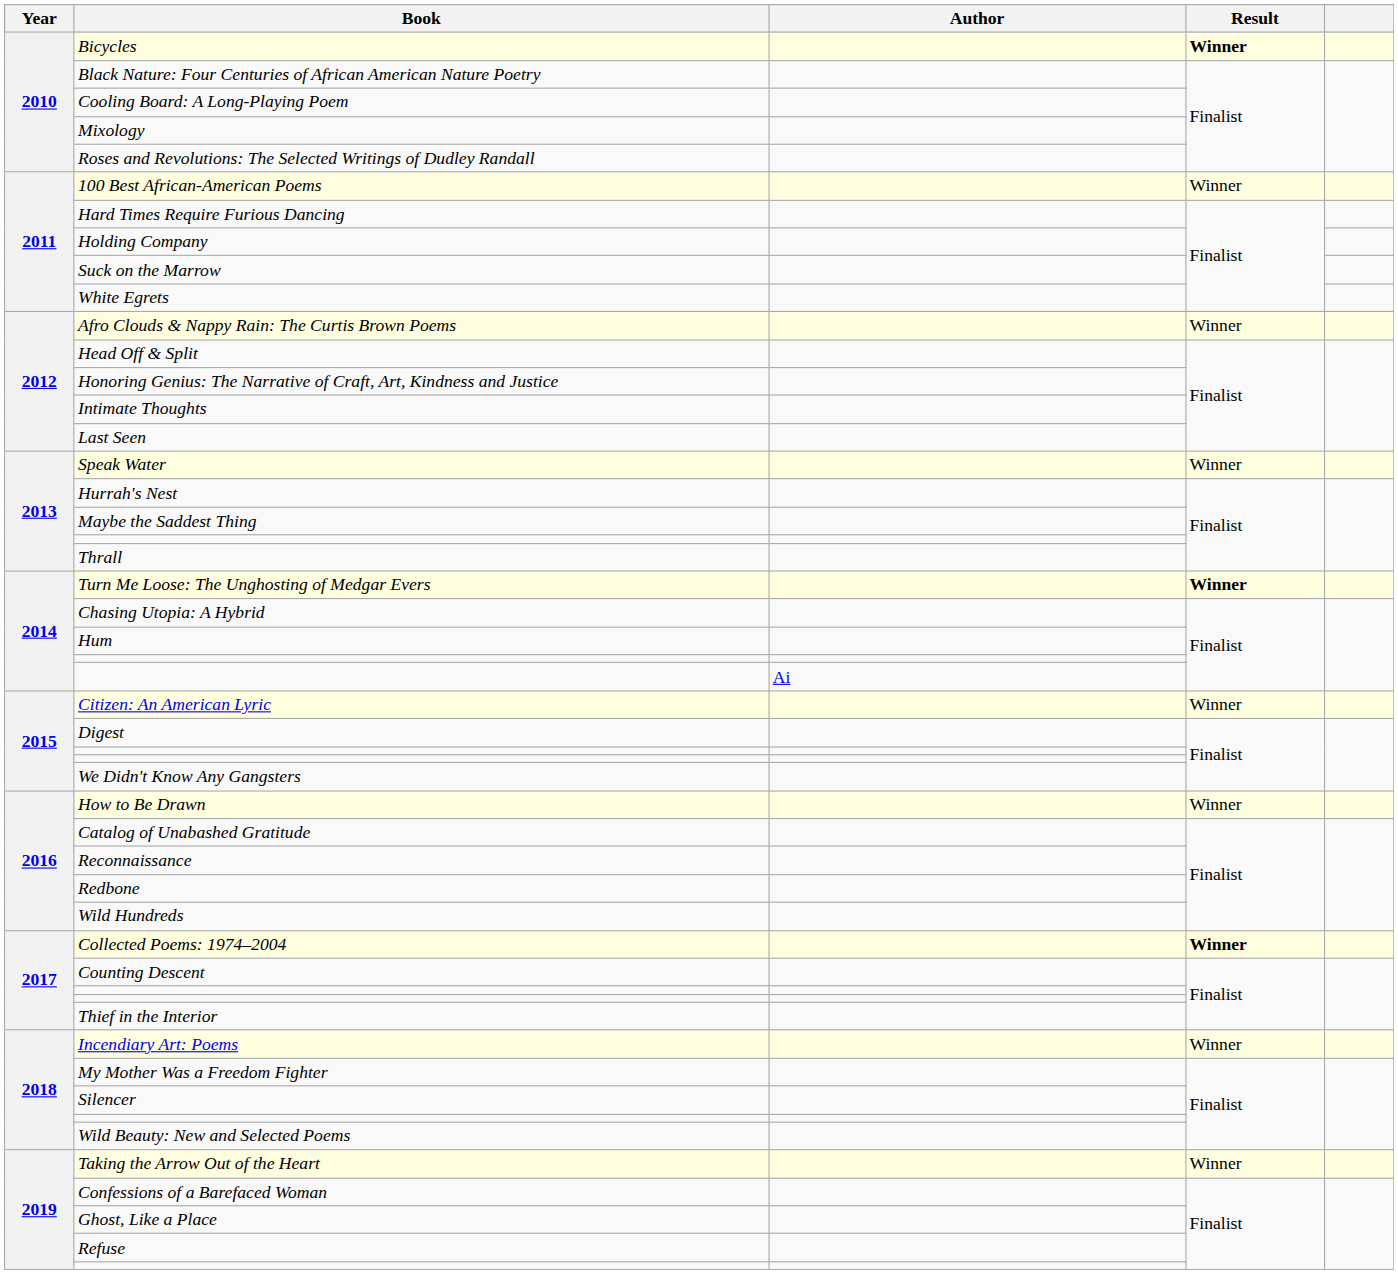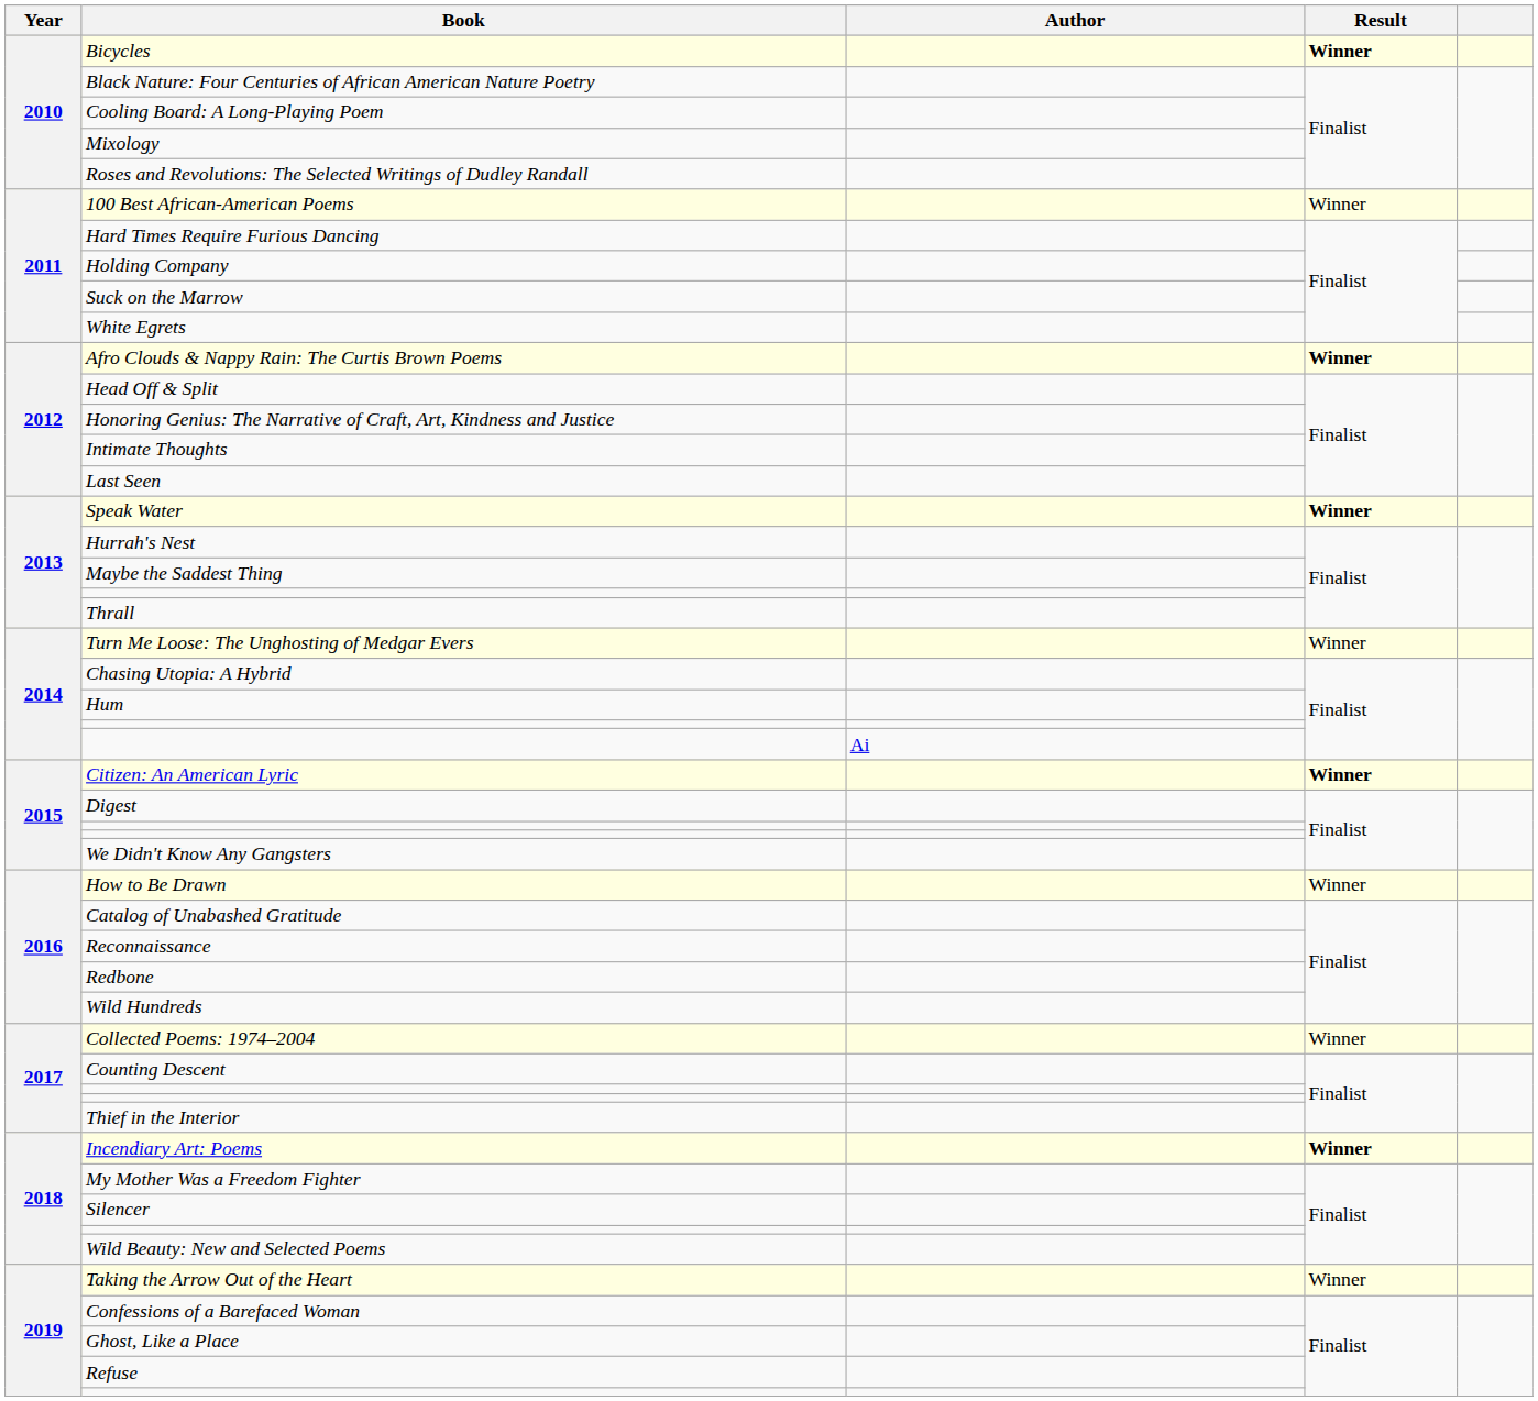 <table class="wikitable sortable mw-collapsible" style="width:100%;">
 <tr style="background:#bebebe;">
 <th scope="col"  width="5%">Year</th>
 <th scope="col"  width="50%">Book</th>
 <th scope="col"  width="30%">Author</th>
 <th scope="col" width="10%">Result</th>
 <th scope="col"  width="5%"></th>
 </tr>
 <tr style="background:lightyellow">
 <th rowspan="5"><a href='#'>2010</a></th>
 <td><em>Bicycles</em></td>
 <td></td>
 <td><strong>Winner</strong></td>
 <td align="center"></td>
 </tr>
 <tr>
 <td><em>Black Nature: Four Centuries of African American Nature Poetry</em></td>
 <td></td>
 <td rowspan="4">Finalist</td>
 <td rowspan="4"></td>
 </tr>
 <tr>
 <td><em>Cooling Board: A Long-Playing Poem</em></td>
 <td></td>
 </tr>
 <tr>
 <td><em>Mixology</em></td>
 <td></td>
 </tr>
 <tr>
 <td><em>Roses and Revolutions: The Selected Writings of Dudley Randall</em></td>
 <td></td>
 </tr>
 <tr style="background:lightyellow">
 <th rowspan="5"><a href='#'>2011</a></th>
 <td><em>100 Best African-American Poems</em></td>
 <td></td>
 <td>Winner</td>
 <td align="center"></td>
 </tr>
 <tr>
 <td><em>Hard Times Require Furious Dancing</em></td>
 <td></td>
 <td rowspan="4">Finalist</td>
 <td></td>
 </tr>
 <tr>
 <td><em>Holding Company</em></td>
 <td></td>
 <td></td>
 </tr>
 <tr>
 <td><em>Suck on the Marrow</em></td>
 <td></td>
 <td></td>
 </tr>
 <tr>
 <td><em>White Egrets</em></td>
 <td></td>
 <td></td>
 </tr>
 <tr style="background:lightyellow">
 <th rowspan="5"><a href='#'>2012</a></th>
 <td><em>Afro Clouds & Nappy Rain: The Curtis Brown Poems</em></td>
 <td></td>
-<td>Winner</td>
+<td><strong>Winner</strong></td>
 <td align="center"></td>
 </tr>
 <tr>
 <td><em>Head Off & Split</em></td>
 <td></td>
 <td rowspan="4">Finalist</td>
 <td rowspan="4"></td>
 </tr>
 <tr>
 <td><em>Honoring Genius: The Narrative of Craft, Art, Kindness and Justice</em></td>
 <td></td>
 </tr>
 <tr>
 <td><em>Intimate Thoughts</em></td>
 <td></td>
 </tr>
 <tr>
 <td><em>Last Seen</em></td>
 <td></td>
 </tr>
 <tr style="background:lightyellow">
 <th rowspan="5"><a href='#'>2013</a></th>
 <td><em>Speak Water</em></td>
 <td></td>
-<td>Winner</td>
+<td><strong>Winner</strong></td>
 <td align="center"></td>
 </tr>
 <tr>
 <td><em>Hurrah's Nest</em></td>
 <td></td>
 <td rowspan="4">Finalist</td>
 <td rowspan="4"></td>
 </tr>
 <tr>
 <td><em>Maybe the Saddest Thing</em></td>
 <td></td>
 </tr>
 <tr>
 <td></td>
 <td></td>
 </tr>
 <tr>
 <td><em>Thrall</em></td>
 <td></td>
 </tr>
 <tr style="background:lightyellow">
 <th rowspan="5"><a href='#'>2014</a></th>
 <td><em>Turn Me Loose: The Unghosting of Medgar Evers</em></td>
 <td></td>
-<td><strong>Winner</strong></td>
+<td>Winner</td>
 <td align="center"></td>
 </tr>
 <tr>
 <td><em>Chasing Utopia: A Hybrid</em></td>
 <td></td>
 <td rowspan="4">Finalist</td>
 <td rowspan="4"></td>
 </tr>
 <tr>
 <td><em>Hum</em></td>
 <td></td>
 </tr>
 <tr>
 <td></td>
 <td></td>
 </tr>
 <tr>
 <td></td>
 <td><a href='#'>Ai</a></td>
 </tr>
 <tr style="background:lightyellow">
 <th rowspan="5"><a href='#'>2015</a></th>
 <td><em><a href='#'>Citizen: An American Lyric</a></em></td>
 <td></td>
-<td>Winner</td>
+<td><strong>Winner</strong></td>
 <td align="center"></td>
 </tr>
 <tr>
 <td><em>Digest</em></td>
 <td></td>
 <td rowspan="4">Finalist</td>
 <td rowspan="4"></td>
 </tr>
 <tr>
 <td></td>
 <td></td>
 </tr>
 <tr>
 <td></td>
 <td></td>
 </tr>
 <tr>
 <td><em>We Didn't Know Any Gangsters</em></td>
 <td></td>
 </tr>
 <tr style="background:lightyellow">
 <th rowspan="5"><a href='#'>2016</a></th>
 <td><em>How to Be Drawn</em></td>
 <td></td>
 <td>Winner</td>
 <td align="center"></td>
 </tr>
 <tr>
 <td><em>Catalog of Unabashed Gratitude</em></td>
 <td></td>
 <td rowspan="4">Finalist</td>
 <td rowspan="4"></td>
 </tr>
 <tr>
 <td><em>Reconnaissance</em></td>
 <td></td>
 </tr>
 <tr>
 <td><em>Redbone</em></td>
 <td></td>
 </tr>
 <tr>
 <td><em>Wild Hundreds</em></td>
 <td></td>
 </tr>
 <tr style="background:lightyellow">
 <th rowspan="5"><a href='#'>2017</a></th>
 <td><em>Collected Poems: 1974–2004</em></td>
 <td></td>
-<td><strong>Winner</strong></td>
+<td>Winner</td>
 <td align="center"></td>
 </tr>
 <tr>
 <td><em>Counting Descent</em></td>
 <td></td>
 <td rowspan="4">Finalist</td>
 <td rowspan="4"></td>
 </tr>
 <tr>
 <td></td>
 <td></td>
 </tr>
 <tr>
 <td></td>
 <td></td>
 </tr>
 <tr>
 <td><em>Thief in the Interior</em></td>
 <td></td>
 </tr>
 <tr style="background:lightyellow">
 <th rowspan="5"><a href='#'>2018</a></th>
 <td><em><a href='#'>Incendiary Art: Poems</a></em></td>
 <td></td>
-<td>Winner</td>
+<td><strong>Winner</strong></td>
 <td align="center"></td>
 </tr>
 <tr>
 <td><em>My Mother Was a Freedom Fighter</em></td>
 <td></td>
 <td rowspan="4">Finalist</td>
 <td rowspan="4"></td>
 </tr>
 <tr>
 <td><em>Silencer</em></td>
 <td></td>
 </tr>
 <tr>
 <td></td>
 <td></td>
 </tr>
 <tr>
 <td><em>Wild Beauty: New and Selected Poems</em></td>
 <td></td>
 </tr>
 <tr style="background:lightyellow">
 <th rowspan="5"><a href='#'>2019</a></th>
 <td><em>Taking the Arrow Out of the Heart</em></td>
 <td></td>
 <td>Winner</td>
 <td align="center"></td>
 </tr>
 <tr>
 <td><em>Confessions of a Barefaced Woman</em></td>
 <td></td>
 <td rowspan="4">Finalist</td>
 <td rowspan="4"></td>
 </tr>
 <tr>
 <td><em>Ghost, Like a Place</em></td>
 <td></td>
 </tr>
 <tr>
 <td><em>Refuse</em></td>
 <td></td>
 </tr>
 <tr>
 <td></td>
 <td></td>
 </tr>
 </table>
